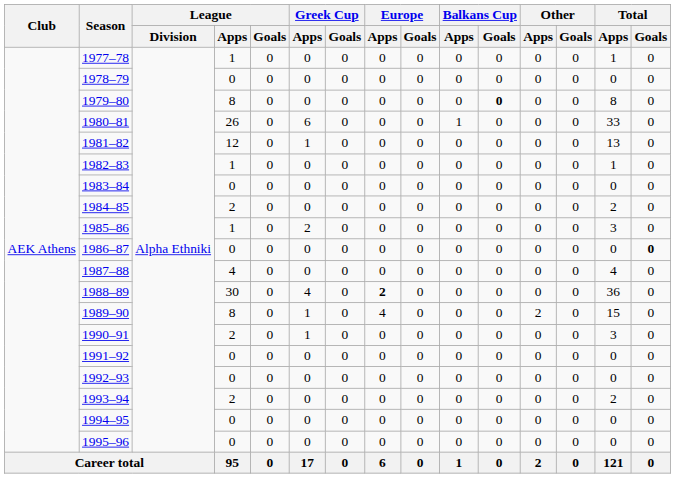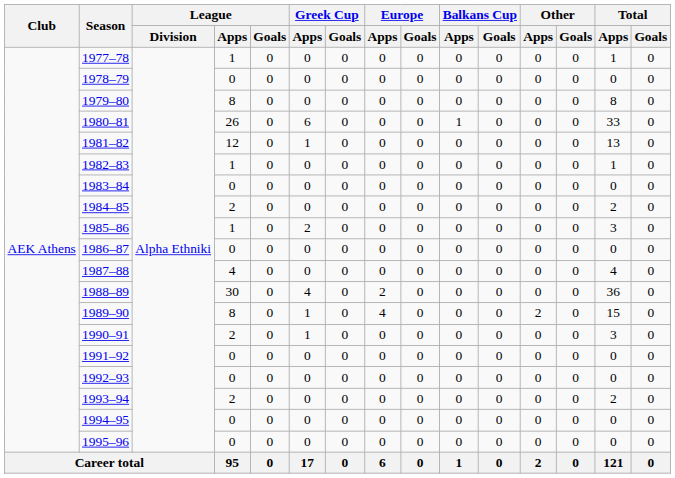 <table class="wikitable" style="text-align:center">
 <tr>
 <th rowspan="2">Club</th>
 <th rowspan="2">Season</th>
 <th colspan="3">League</th>
 <th colspan="2"><a href='#'>Greek Cup</a></th>
 <th colspan="2"><a href='#'>Europe</a></th>
 <th colspan="2"><a href='#'>Balkans Cup</a></th>
 <th colspan="2">Other</th>
 <th colspan="2">Total</th>
 </tr>
 <tr>
 <th>Division</th>
 <th>Apps</th>
 <th>Goals</th>
 <th>Apps</th>
 <th>Goals</th>
 <th>Apps</th>
 <th>Goals</th>
 <th>Apps</th>
 <th>Goals</th>
 <th>Apps</th>
 <th>Goals</th>
 <th>Apps</th>
 <th>Goals</th>
 </tr>
 <tr>
 <td rowspan=19><a href='#'>AEK Athens</a></td>
 <td><a href='#'>1977–78</a></td>
 <td rowspan=19><a href='#'>Alpha Ethniki</a></td>
 <td>1</td>
 <td>0</td>
 <td>0</td>
 <td>0</td>
 <td>0</td>
 <td>0</td>
 <td>0</td>
 <td>0</td>
 <td>0</td>
 <td>0</td>
 <td>1</td>
 <td>0</td>
 </tr>
 <tr>
 <td><a href='#'>1978–79</a></td>
 <td>0</td>
 <td>0</td>
 <td>0</td>
 <td>0</td>
 <td>0</td>
 <td>0</td>
 <td>0</td>
 <td>0</td>
 <td>0</td>
 <td>0</td>
 <td>0</td>
 <td>0</td>
 </tr>
 <tr>
 <td><a href='#'>1979–80</a></td>
 <td>8</td>
 <td>0</td>
 <td>0</td>
 <td>0</td>
 <td>0</td>
 <td>0</td>
 <td>0</td>
-<td><strong>0</strong></td>
+<td>0</td>
 <td>0</td>
 <td>0</td>
 <td>8</td>
 <td>0</td>
 </tr>
 <tr>
 <td><a href='#'>1980–81</a></td>
 <td>26</td>
 <td>0</td>
 <td>6</td>
 <td>0</td>
 <td>0</td>
 <td>0</td>
 <td>1</td>
 <td>0</td>
 <td>0</td>
 <td>0</td>
 <td>33</td>
 <td>0</td>
 </tr>
 <tr>
 <td><a href='#'>1981–82</a></td>
 <td>12</td>
 <td>0</td>
 <td>1</td>
 <td>0</td>
 <td>0</td>
 <td>0</td>
 <td>0</td>
 <td>0</td>
 <td>0</td>
 <td>0</td>
 <td>13</td>
 <td>0</td>
 </tr>
 <tr>
 <td><a href='#'>1982–83</a></td>
 <td>1</td>
 <td>0</td>
 <td>0</td>
 <td>0</td>
 <td>0</td>
 <td>0</td>
 <td>0</td>
 <td>0</td>
 <td>0</td>
 <td>0</td>
 <td>1</td>
 <td>0</td>
 </tr>
 <tr>
 <td><a href='#'>1983–84</a></td>
 <td>0</td>
 <td>0</td>
 <td>0</td>
 <td>0</td>
 <td>0</td>
 <td>0</td>
 <td>0</td>
 <td>0</td>
 <td>0</td>
 <td>0</td>
 <td>0</td>
 <td>0</td>
 </tr>
 <tr>
 <td><a href='#'>1984–85</a></td>
 <td>2</td>
 <td>0</td>
 <td>0</td>
 <td>0</td>
 <td>0</td>
 <td>0</td>
 <td>0</td>
 <td>0</td>
 <td>0</td>
 <td>0</td>
 <td>2</td>
 <td>0</td>
 </tr>
 <tr>
 <td><a href='#'>1985–86</a></td>
 <td>1</td>
 <td>0</td>
 <td>2</td>
 <td>0</td>
 <td>0</td>
 <td>0</td>
 <td>0</td>
 <td>0</td>
 <td>0</td>
 <td>0</td>
 <td>3</td>
 <td>0</td>
 </tr>
 <tr>
 <td><a href='#'>1986–87</a></td>
 <td>0</td>
 <td>0</td>
 <td>0</td>
 <td>0</td>
 <td>0</td>
 <td>0</td>
 <td>0</td>
 <td>0</td>
 <td>0</td>
 <td>0</td>
 <td>0</td>
-<td><strong>0</strong></td>
+<td>0</td>
 </tr>
 <tr>
 <td><a href='#'>1987–88</a></td>
 <td>4</td>
 <td>0</td>
 <td>0</td>
 <td>0</td>
 <td>0</td>
 <td>0</td>
 <td>0</td>
 <td>0</td>
 <td>0</td>
 <td>0</td>
 <td>4</td>
 <td>0</td>
 </tr>
 <tr>
 <td><a href='#'>1988–89</a></td>
 <td>30</td>
 <td>0</td>
 <td>4</td>
 <td>0</td>
-<td><strong>2</strong></td>
+<td>2</td>
 <td>0</td>
 <td>0</td>
 <td>0</td>
 <td>0</td>
 <td>0</td>
 <td>36</td>
 <td>0</td>
 </tr>
 <tr>
 <td><a href='#'>1989–90</a></td>
 <td>8</td>
 <td>0</td>
 <td>1</td>
 <td>0</td>
 <td>4</td>
 <td>0</td>
 <td>0</td>
 <td>0</td>
 <td>2</td>
 <td>0</td>
 <td>15</td>
 <td>0</td>
 </tr>
 <tr>
 <td><a href='#'>1990–91</a></td>
 <td>2</td>
 <td>0</td>
 <td>1</td>
 <td>0</td>
 <td>0</td>
 <td>0</td>
 <td>0</td>
 <td>0</td>
 <td>0</td>
 <td>0</td>
 <td>3</td>
 <td>0</td>
 </tr>
 <tr>
 <td><a href='#'>1991–92</a></td>
 <td>0</td>
 <td>0</td>
 <td>0</td>
 <td>0</td>
 <td>0</td>
 <td>0</td>
 <td>0</td>
 <td>0</td>
 <td>0</td>
 <td>0</td>
 <td>0</td>
 <td>0</td>
 </tr>
 <tr>
 <td><a href='#'>1992–93</a></td>
 <td>0</td>
 <td>0</td>
 <td>0</td>
 <td>0</td>
 <td>0</td>
 <td>0</td>
 <td>0</td>
 <td>0</td>
 <td>0</td>
 <td>0</td>
 <td>0</td>
 <td>0</td>
 </tr>
 <tr>
 <td><a href='#'>1993–94</a></td>
 <td>2</td>
 <td>0</td>
 <td>0</td>
 <td>0</td>
 <td>0</td>
 <td>0</td>
 <td>0</td>
 <td>0</td>
 <td>0</td>
 <td>0</td>
 <td>2</td>
 <td>0</td>
 </tr>
 <tr>
 <td><a href='#'>1994–95</a></td>
 <td>0</td>
 <td>0</td>
 <td>0</td>
 <td>0</td>
 <td>0</td>
 <td>0</td>
 <td>0</td>
 <td>0</td>
 <td>0</td>
 <td>0</td>
 <td>0</td>
 <td>0</td>
 </tr>
 <tr>
 <td><a href='#'>1995–96</a></td>
 <td>0</td>
 <td>0</td>
 <td>0</td>
 <td>0</td>
 <td>0</td>
 <td>0</td>
 <td>0</td>
 <td>0</td>
 <td>0</td>
 <td>0</td>
 <td>0</td>
 <td>0</td>
 </tr>
 <tr>
 <th colspan=3>Career total</th>
 <th>95</th>
 <th>0</th>
 <th>17</th>
 <th>0</th>
 <th>6</th>
 <th>0</th>
 <th>1</th>
 <th>0</th>
 <th>2</th>
 <th>0</th>
 <th>121</th>
 <th>0</th>
 </tr>
 </table>
